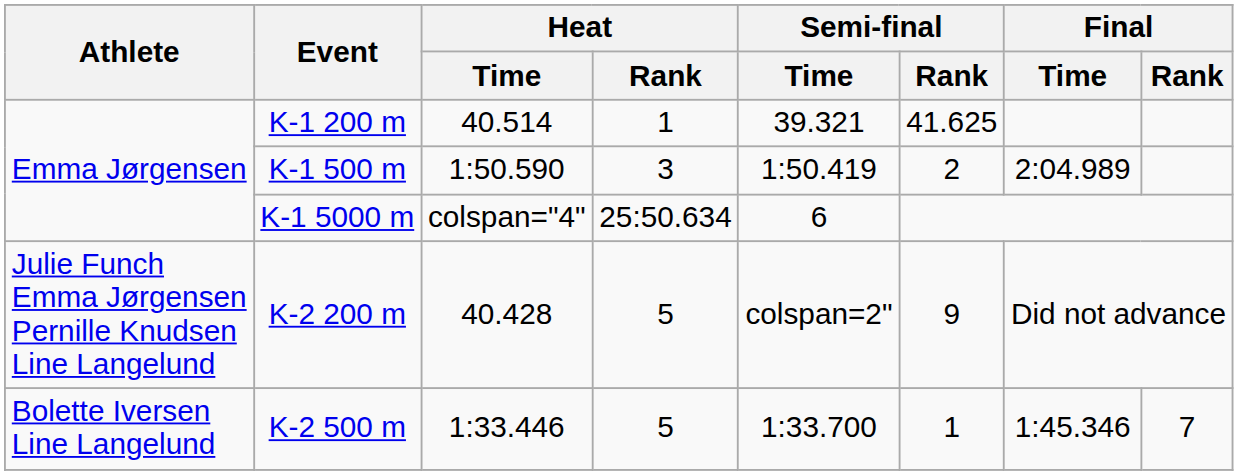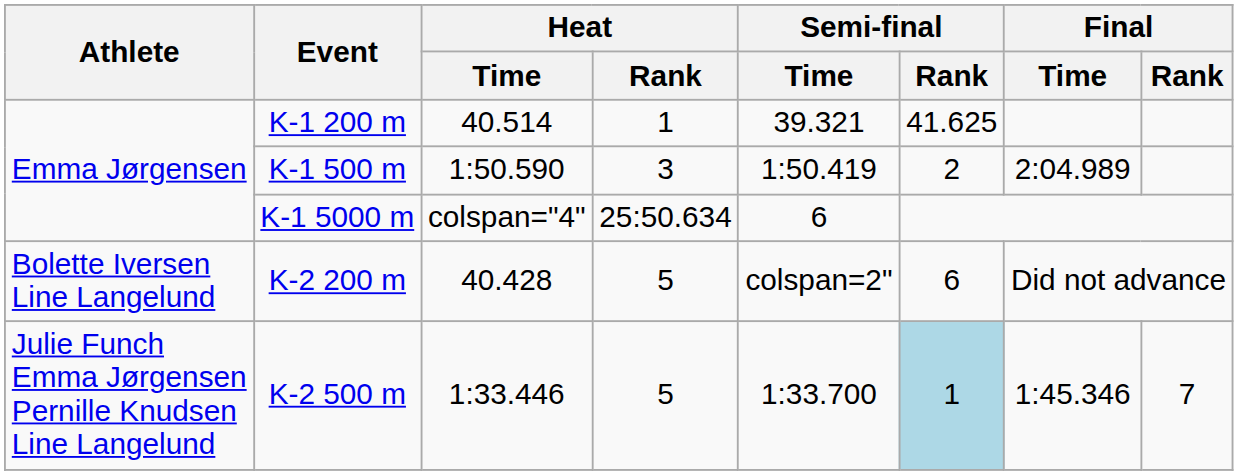 <table class="wikitable" style="text-align: center">
 <tr>
 <th rowspan="2">Athlete</th>
 <th rowspan="2">Event</th>
 <th colspan="2">Heat</th>
 <th colspan="2">Semi-final</th>
 <th colspan="2">Final</th>
 </tr>
 <tr>
 <th>Time</th>
 <th>Rank</th>
 <th>Time</th>
 <th>Rank</th>
 <th>Time</th>
 <th>Rank</th>
 </tr>
 <tr>
 <td rowspan="3" align="left"><a href='#'>Emma Jørgensen</a></td>
 <td><a href='#'>K-1 200 m</a></td>
 <td>40.514</td>
 <td>1</td>
 <td>39.321</td>
 <td>41.625</td>
 <td></td>
 </tr>
 <tr>
 <td><a href='#'>K-1 500 m</a></td>
 <td>1:50.590</td>
 <td>3</td>
 <td>1:50.419</td>
 <td>2</td>
 <td>2:04.989</td>
 <td></td>
 </tr>
 <tr>
 <td><a href='#'>K-1 5000 m</a></td>
 <td>colspan="4" </td>
 <td>25:50.634</td>
 <td>6</td>
 </tr>
 <tr>
-<td align="left"><a href='#'>Julie Funch</a><br><a href='#'>Emma Jørgensen</a><br><a href='#'>Pernille Knudsen</a><br><a href='#'>Line Langelund</a></td>
+<td align="left"><a href='#'>Bolette Iversen</a><br><a href='#'>Line Langelund</a></td>
 <td><a href='#'>K-2 200 m</a></td>
 <td>40.428</td>
 <td>5</td>
 <td>colspan=2" </td>
-<td>9</td>
+<td>6</td>
 <td colspan="2">Did not advance</td>
 </tr>
 <tr>
-<td align="left"><a href='#'>Bolette Iversen</a><br><a href='#'>Line Langelund</a></td>
+<td align="left"><a href='#'>Julie Funch</a><br><a href='#'>Emma Jørgensen</a><br><a href='#'>Pernille Knudsen</a><br><a href='#'>Line Langelund</a></td>
 <td><a href='#'>K-2 500 m</a></td>
 <td>1:33.446</td>
 <td>5</td>
 <td>1:33.700</td>
-<td>1</td>
+<td style="background: lightblue;">1</td>
 <td>1:45.346</td>
 <td>7</td>
 </tr>
 </table>
